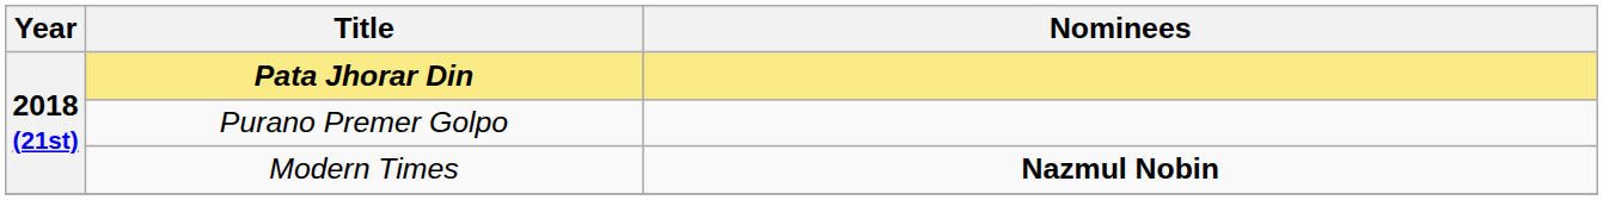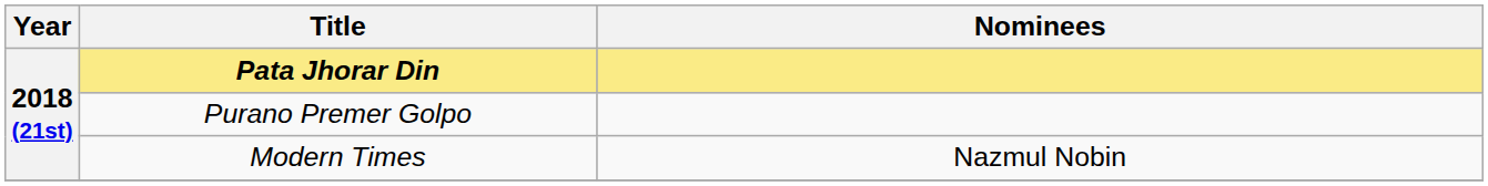 <table class="wikitable" style="text-align:center;">
 <tr>
 <th scope="col" style="width:5%;">Year</th>
 <th scope="col" style="width:35%;">Title</th>
 <th scope="col" style="width:60%;">Nominees</th>
 </tr>
 <tr>
 <th scope="row" rowspan=3 style="text-align:center;">2018<br><small><a href='#'>(21st)</a></small> <br></th>
 <td style="background:#FAEB86"><strong><em>Pata Jhorar Din</em></strong></td>
 <td style="background:#FAEB86"><strong></strong></td>
 </tr>
 <tr>
 <td><em>Purano Premer Golpo</em></td>
 <td></td>
 </tr>
 <tr>
 <td><em>Modern Times</em></td>
-<td><strong>Nazmul Nobin</strong></td>
+<td>Nazmul Nobin</td>
 </tr>
 <tr>
 </tr>
 </table>
